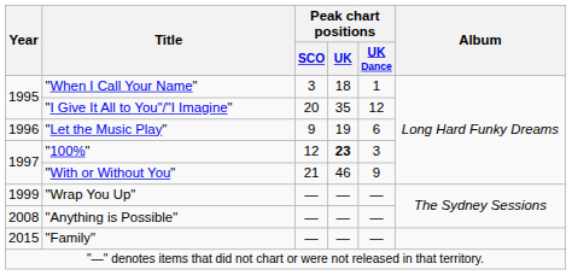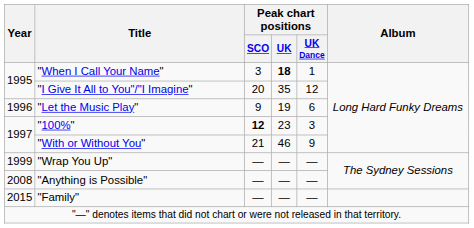 <table class="wikitable" style="text-align:center;">
 <tr>
 <th rowspan="2" style="width:2em;">Year</th>
 <th rowspan="2" style="width:18em;">Title</th>
 <th colspan="3">Peak chart positions</th>
 <th rowspan="2" style="width:12em;">Album</th>
 </tr>
 <tr>
 <th style="width:2em;font-size:90%;"><a href='#'>SCO</a><br></th>
 <th style="width:2em;font-size:90%;"><a href='#'>UK</a><br></th>
 <th style="width:2em;font-size:90%;"><a href='#'>UK<br><small>Dance</small></a><br></th>
 </tr>
 <tr>
 <td rowspan="2">1995</td>
 <td style="text-align:left;">"<a href='#'>When I Call Your Name</a>"</td>
 <td>3</td>
-<td>18</td>
+<td><strong>18</strong></td>
 <td>1</td>
 <td rowspan="5"><em>Long Hard Funky Dreams</em></td>
 </tr>
 <tr>
 <td style="text-align:left;">"<a href='#'>I Give It All to You"/"I Imagine</a>"</td>
 <td>20</td>
 <td>35</td>
 <td>12</td>
 </tr>
 <tr>
 <td>1996</td>
 <td style="text-align:left;">"<a href='#'>Let the Music Play</a>"</td>
 <td>9</td>
 <td>19</td>
 <td>6</td>
 </tr>
 <tr>
 <td rowspan="2">1997</td>
 <td style="text-align:left;">"<a href='#'>100%</a>"</td>
-<td>12</td>
-<td><strong>23</strong></td>
+<td><strong>12</strong></td>
+<td>23</td>
 <td>3</td>
 </tr>
 <tr>
 <td style="text-align:left;">"<a href='#'>With or Without You</a>"</td>
 <td>21</td>
 <td>46</td>
 <td>9</td>
 </tr>
 <tr>
 <td>1999</td>
 <td style="text-align:left;">"Wrap You Up"</td>
 <td>—</td>
 <td>—</td>
 <td>—</td>
 <td rowspan="2"><em>The Sydney Sessions</em></td>
 </tr>
 <tr>
 <td>2008</td>
 <td style="text-align:left;">"Anything is Possible"</td>
 <td>—</td>
 <td>—</td>
 <td>—</td>
 </tr>
 <tr>
 <td>2015</td>
 <td style="text-align:left;">"Family"</td>
 <td>—</td>
 <td>—</td>
 <td>—</td>
 <td></td>
 </tr>
 <tr>
 <td colspan="15" style="font-size:90%">"—" denotes items that did not chart or were not released in that territory.</td>
 </tr>
 </table>
